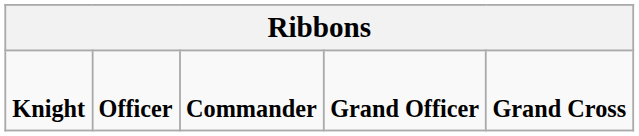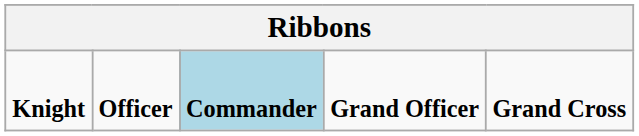 <table class="wikitable" style="margin: 1em auto;">
 <tr>
 <th colspan="5"><strong></strong> Ribbons</th>
 </tr>
 <tr align="center">
 <td><br><small><strong>Knight</strong></small></td>
 <td><br><small><strong>Officer</strong></small></td>
-<td><br><small><strong>Commander</strong></small></td>
+<td style="background: lightblue;"><br><small><strong>Commander</strong></small></td>
 <td><br><small><strong>Grand Officer</strong></small></td>
 <td><br><small><strong>Grand Cross</strong></small></td>
 </tr>
 </table>
